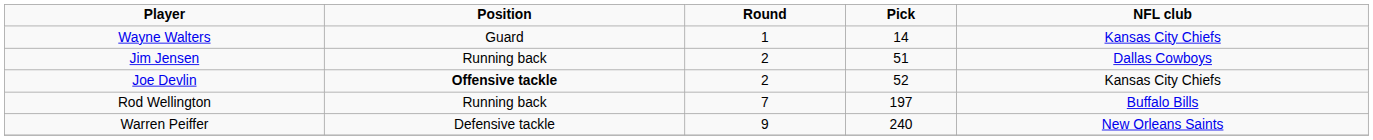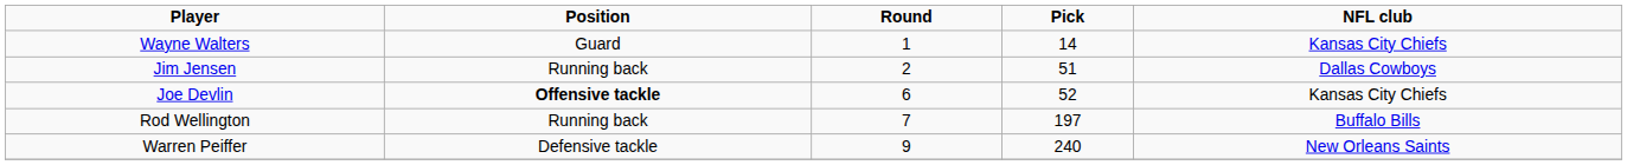 <table class="wikitable" width="80%">
 <tr align="center">
 <td><strong>Player</strong></td>
 <td><strong>Position</strong></td>
 <td><strong>Round</strong></td>
 <td><strong>Pick</strong></td>
 <td><strong>NFL club</strong></td>
 </tr>
 <tr align="center" bgcolor="">
 <td><a href='#'>Wayne Walters</a></td>
 <td>Guard</td>
 <td>1</td>
 <td>14</td>
 <td><a href='#'>Kansas City Chiefs</a></td>
 </tr>
 <tr align="center" bgcolor="">
 <td><a href='#'>Jim Jensen</a></td>
 <td>Running back</td>
 <td>2</td>
 <td>51</td>
 <td><a href='#'>Dallas Cowboys</a></td>
 </tr>
 <tr align="center" bgcolor="">
 <td><a href='#'>Joe Devlin</a></td>
 <td><strong>Offensive tackle</strong></td>
-<td>2</td>
+<td>6</td>
 <td>52</td>
 <td>Kansas City Chiefs</td>
 </tr>
 <tr align="center" bgcolor="">
 <td>Rod Wellington</td>
 <td>Running back</td>
 <td>7</td>
 <td>197</td>
 <td><a href='#'>Buffalo Bills</a></td>
 </tr>
 <tr align="center" bgcolor="">
 <td>Warren Peiffer</td>
 <td>Defensive tackle</td>
 <td>9</td>
 <td>240</td>
 <td><a href='#'>New Orleans Saints</a></td>
 </tr>
 <tr align="center" bgcolor="">
 </tr>
 </table>
